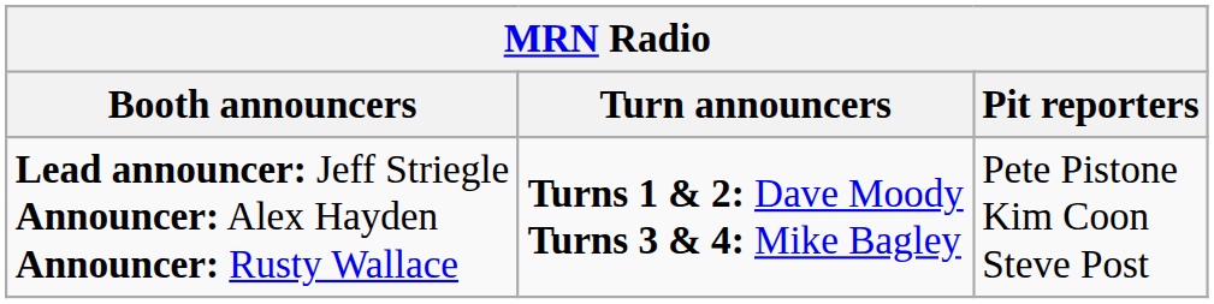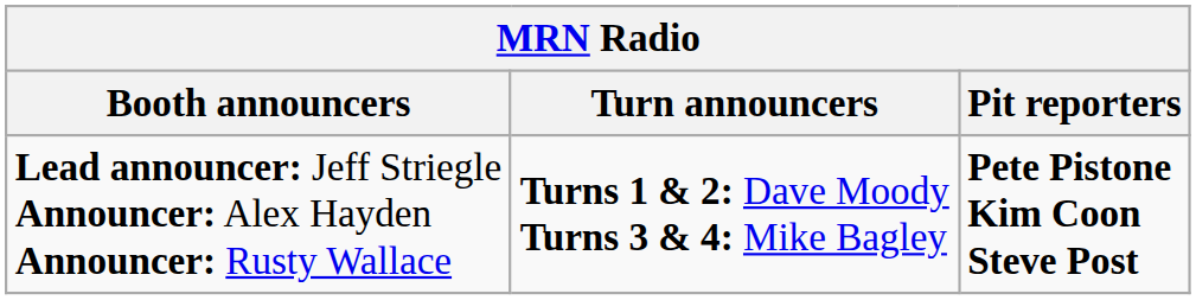 <table class="wikitable" style="font-size: 95%">
 <tr>
 <th colspan="3"><a href='#'>MRN</a> Radio</th>
 </tr>
 <tr>
 <th>Booth announcers</th>
 <th>Turn announcers</th>
 <th>Pit reporters</th>
 </tr>
 <tr>
 <td><strong>Lead announcer:</strong> Jeff Striegle<br><strong>Announcer:</strong> Alex Hayden<br><strong>Announcer:</strong> <a href='#'>Rusty Wallace</a></td>
 <td><strong>Turns 1 & 2:</strong> <a href='#'>Dave Moody</a><br><strong>Turns 3 & 4:</strong> <a href='#'>Mike Bagley</a></td>
-<td>Pete Pistone<br>Kim Coon<br>Steve Post</td>
+<td><strong>Pete Pistone<br>Kim Coon<br>Steve Post</strong></td>
 </tr>
 </table>
